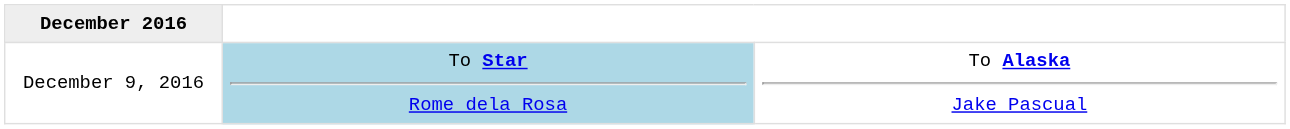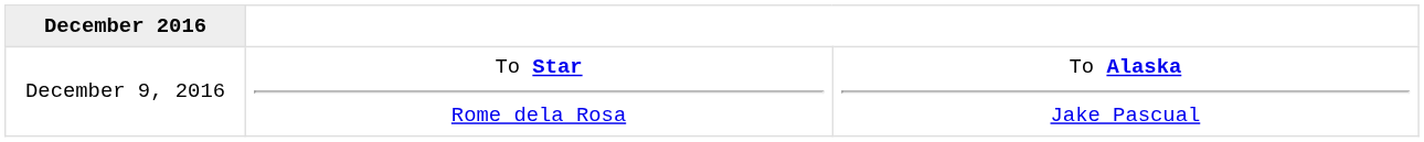 <table border=1 style="border-collapse:collapse; text-align: center; width: 100%" bordercolor="#DFDFDF"  cellpadding="5">
 <tr bgcolor="eeeeee">
 <th>December 2016</th>
 </tr>
 <tr>
 <td style="width:12%">December 9, 2016</td>
-<td style="background: lightblue; width:29.3%" valign="top">To <strong><a href='#'>Star</a></strong><hr><a href='#'>Rome dela Rosa</a></td>
+<td style="width:29.3%" valign="top">To <strong><a href='#'>Star</a></strong><hr><a href='#'>Rome dela Rosa</a></td>
 <td style="width:29.3%" valign="top">To <strong><a href='#'>Alaska</a></strong><hr><a href='#'>Jake Pascual</a></td>
 </tr>
 </table>
